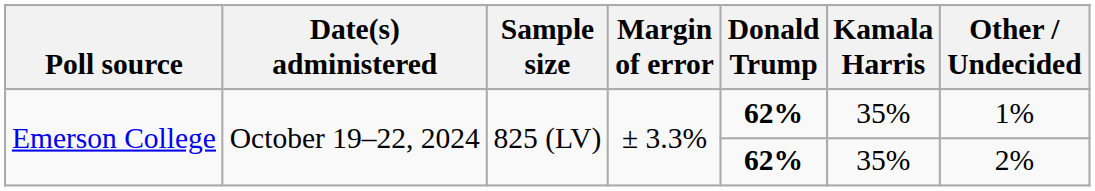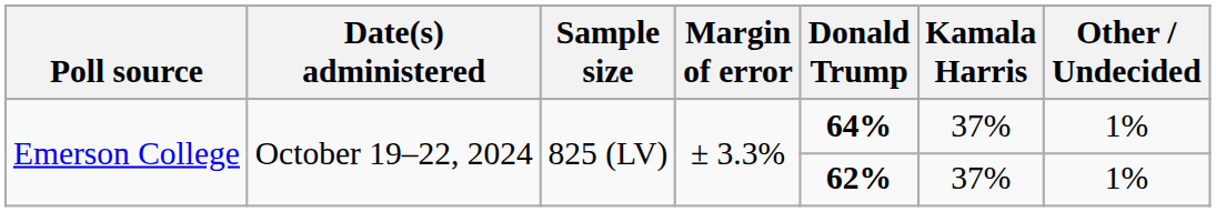 <table class="wikitable sortable mw-datatable" style="font-size:90%;text-align:center;line-height:17px">
 <tr valign=bottom>
 <th>Poll source</th>
 <th>Date(s)<br>administered</th>
 <th>Sample<br>size</th>
 <th>Margin<br>of error</th>
 <th class="unsortable">Donald<br>Trump<br></th>
 <th class="unsortable">Kamala<br>Harris<br></th>
 <th class="unsortable">Other /<br>Undecided</th>
 </tr>
 <tr>
 <td style="text-align:left;" rowspan="2"><a href='#'>Emerson College</a></td>
 <td rowspan="2">October 19–22, 2024</td>
 <td rowspan="2">825 (LV)</td>
 <td rowspan="2">± 3.3%</td>
-<td style="background-color:"><strong>62%</strong></td>
-<td>35%</td>
+<td style="background-color:"><strong>64%</strong></td>
+<td>37%</td>
 <td>1%</td>
 </tr>
 <tr>
 <td style="background-color:"><strong>62%</strong></td>
-<td>35%</td>
-<td>2%</td>
+<td>37%</td>
+<td>1%</td>
 </tr>
 </table>
